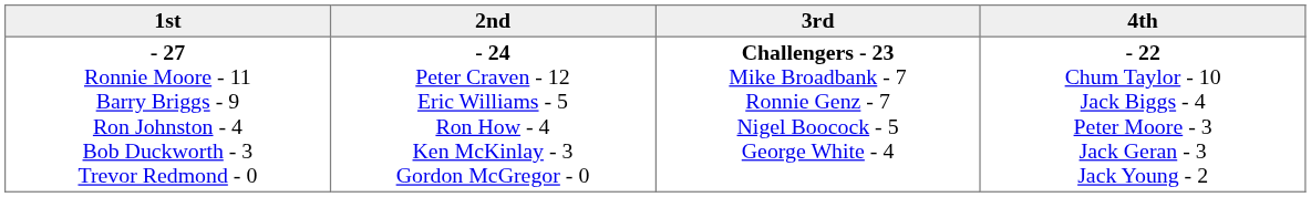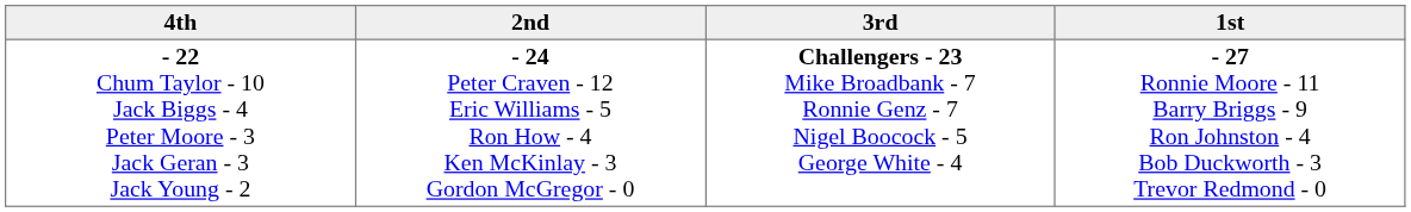 <table border=1 cellpadding=2 cellspacing=0 width=75% style="border-collapse:collapse">
 <tr align=center style="background:#efefef;">
-<th width=20% >1st</th>
+<th width=20%>4th</th>
 <th width=20% >2nd</th>
 <th width=20% >3rd</th>
-<th width=20%>4th</th>
+<th width=20% >1st</th>
 </tr>
 <tr align=center>
-<td valign=top ><strong> - 27</strong><br><a href='#'>Ronnie Moore</a> - 11<br><a href='#'>Barry Briggs</a> - 9<br><a href='#'>Ron Johnston</a> - 4<br><a href='#'>Bob Duckworth</a> - 3<br><a href='#'>Trevor Redmond</a> - 0</td>
+<td valign=top><strong> - 22</strong><br><a href='#'>Chum Taylor</a> - 10<br><a href='#'>Jack Biggs</a> - 4<br><a href='#'>Peter Moore</a> - 3<br><a href='#'>Jack Geran</a> - 3<br><a href='#'>Jack Young</a> - 2</td>
 <td valign=top ><strong> - 24</strong><br><a href='#'>Peter Craven</a> - 12<br><a href='#'>Eric Williams</a> - 5<br><a href='#'>Ron How</a> - 4<br><a href='#'>Ken McKinlay</a> - 3<br><a href='#'>Gordon McGregor</a> - 0</td>
 <td valign=top ><strong>Challengers - 23</strong><br><a href='#'>Mike Broadbank</a> - 7<br><a href='#'>Ronnie Genz</a> - 7<br><a href='#'>Nigel Boocock</a>  - 5<br><a href='#'>George White</a> - 4</td>
-<td valign=top><strong> - 22</strong><br><a href='#'>Chum Taylor</a> - 10<br><a href='#'>Jack Biggs</a> - 4<br><a href='#'>Peter Moore</a> - 3<br><a href='#'>Jack Geran</a> - 3<br><a href='#'>Jack Young</a> - 2</td>
+<td valign=top ><strong> - 27</strong><br><a href='#'>Ronnie Moore</a> - 11<br><a href='#'>Barry Briggs</a> - 9<br><a href='#'>Ron Johnston</a> - 4<br><a href='#'>Bob Duckworth</a> - 3<br><a href='#'>Trevor Redmond</a> - 0</td>
 </tr>
 </table>
